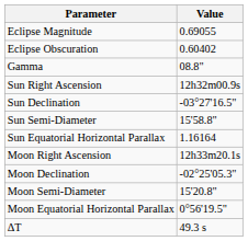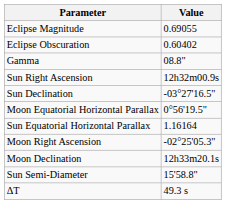 <table class="wikitable">
 <tr>
 <th>Parameter</th>
 <th>Value</th>
 </tr>
 <tr>
 <td>Eclipse Magnitude</td>
 <td>0.69055</td>
 </tr>
 <tr>
 <td>Eclipse Obscuration</td>
 <td>0.60402</td>
 </tr>
 <tr>
 <td>Gamma</td>
 <td>08.8"</td>
 </tr>
 <tr>
 <td>Sun Right Ascension</td>
 <td>12h32m00.9s</td>
 </tr>
 <tr>
 <td>Sun Declination</td>
 <td>-03°27'16.5"</td>
 </tr>
 <tr>
-<td>Sun Semi-Diameter</td>
-<td>15'58.8"</td>
+<td>Moon Equatorial Horizontal Parallax</td>
+<td>0°56'19.5"</td>
 </tr>
 <tr>
 <td>Sun Equatorial Horizontal Parallax</td>
 <td>1.16164</td>
 </tr>
 <tr>
 <td>Moon Right Ascension</td>
+<td>-02°25'05.3"</td>
+</tr>
+<tr>
+<td>Moon Declination</td>
 <td>12h33m20.1s</td>
 </tr>
 <tr>
-<td>Moon Declination</td>
-<td>-02°25'05.3"</td>
-</tr>
-<tr>
-<td>Moon Semi-Diameter</td>
-<td>15'20.8"</td>
-</tr>
-<tr>
-<td>Moon Equatorial Horizontal Parallax</td>
-<td>0°56'19.5"</td>
+<td>Sun Semi-Diameter</td>
+<td>15'58.8"</td>
 </tr>
 <tr>
 <td>ΔT</td>
 <td>49.3 s</td>
 </tr>
 </table>
